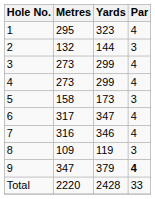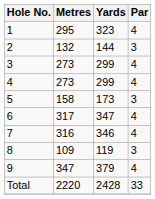 <table class="wikitable">
 <tr>
 <th>Hole No.</th>
 <th>Metres</th>
 <th>Yards</th>
 <th>Par</th>
 </tr>
 <tr>
 <td>1</td>
 <td>295</td>
 <td>323</td>
 <td>4</td>
 </tr>
 <tr --->
 <td>2</td>
 <td>132</td>
 <td>144</td>
 <td>3</td>
 </tr>
 <tr --->
 <td>3</td>
 <td>273</td>
 <td>299</td>
 <td>4</td>
 </tr>
 <tr --->
 <td>4</td>
 <td>273</td>
 <td>299</td>
 <td>4</td>
 </tr>
 <tr --->
 <td>5</td>
 <td>158</td>
 <td>173</td>
 <td>3</td>
 </tr>
 <tr --->
 <td>6</td>
 <td>317</td>
 <td>347</td>
 <td>4</td>
 </tr>
 <tr --->
 <td>7</td>
 <td>316</td>
 <td>346</td>
 <td>4</td>
 </tr>
 <tr --->
 <td>8</td>
 <td>109</td>
 <td>119</td>
 <td>3</td>
 </tr>
 <tr --->
 <td>9</td>
 <td>347</td>
 <td>379</td>
-<td><strong>4</strong></td>
+<td>4</td>
 </tr>
 <tr --->
 <td>Total</td>
 <td>2220</td>
 <td>2428</td>
 <td>33</td>
 </tr>
 <tr --->
 </tr>
 </table>
